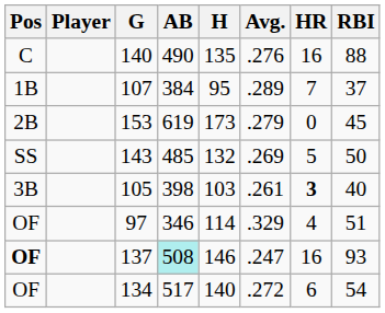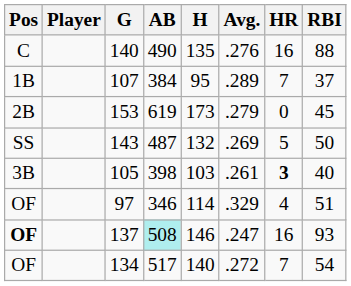 <table class="wikitable sortable" style="text-align:center;">
 <tr>
 <th>Pos</th>
 <th>Player</th>
 <th>G</th>
 <th>AB</th>
 <th>H</th>
 <th>Avg.</th>
 <th>HR</th>
 <th>RBI</th>
 </tr>
 <tr>
 <td>C</td>
 <td></td>
 <td>140</td>
 <td>490</td>
 <td>135</td>
 <td>.276</td>
 <td>16</td>
 <td>88</td>
 </tr>
 <tr>
 <td>1B</td>
 <td></td>
 <td>107</td>
 <td>384</td>
 <td>95</td>
 <td>.289</td>
 <td>7</td>
 <td>37</td>
 </tr>
 <tr>
 <td>2B</td>
 <td></td>
 <td>153</td>
 <td>619</td>
 <td>173</td>
 <td>.279</td>
 <td>0</td>
 <td>45</td>
 </tr>
 <tr>
 <td>SS</td>
 <td></td>
 <td>143</td>
-<td>485</td>
+<td>487</td>
 <td>132</td>
 <td>.269</td>
 <td>5</td>
 <td>50</td>
 </tr>
 <tr>
 <td>3B</td>
 <td></td>
 <td>105</td>
 <td>398</td>
 <td>103</td>
 <td>.261</td>
 <td><strong>3</strong></td>
 <td>40</td>
 </tr>
 <tr>
 <td>OF</td>
 <td></td>
 <td>97</td>
 <td>346</td>
 <td>114</td>
 <td>.329</td>
 <td>4</td>
 <td>51</td>
 </tr>
 <tr>
 <td><strong>OF</strong></td>
 <td></td>
 <td>137</td>
 <td style="background: paleturquoise;">508</td>
 <td>146</td>
 <td>.247</td>
 <td>16</td>
 <td>93</td>
 </tr>
 <tr>
 <td>OF</td>
 <td></td>
 <td>134</td>
 <td>517</td>
 <td>140</td>
 <td>.272</td>
-<td>6</td>
+<td>7</td>
 <td>54</td>
 </tr>
 </table>
